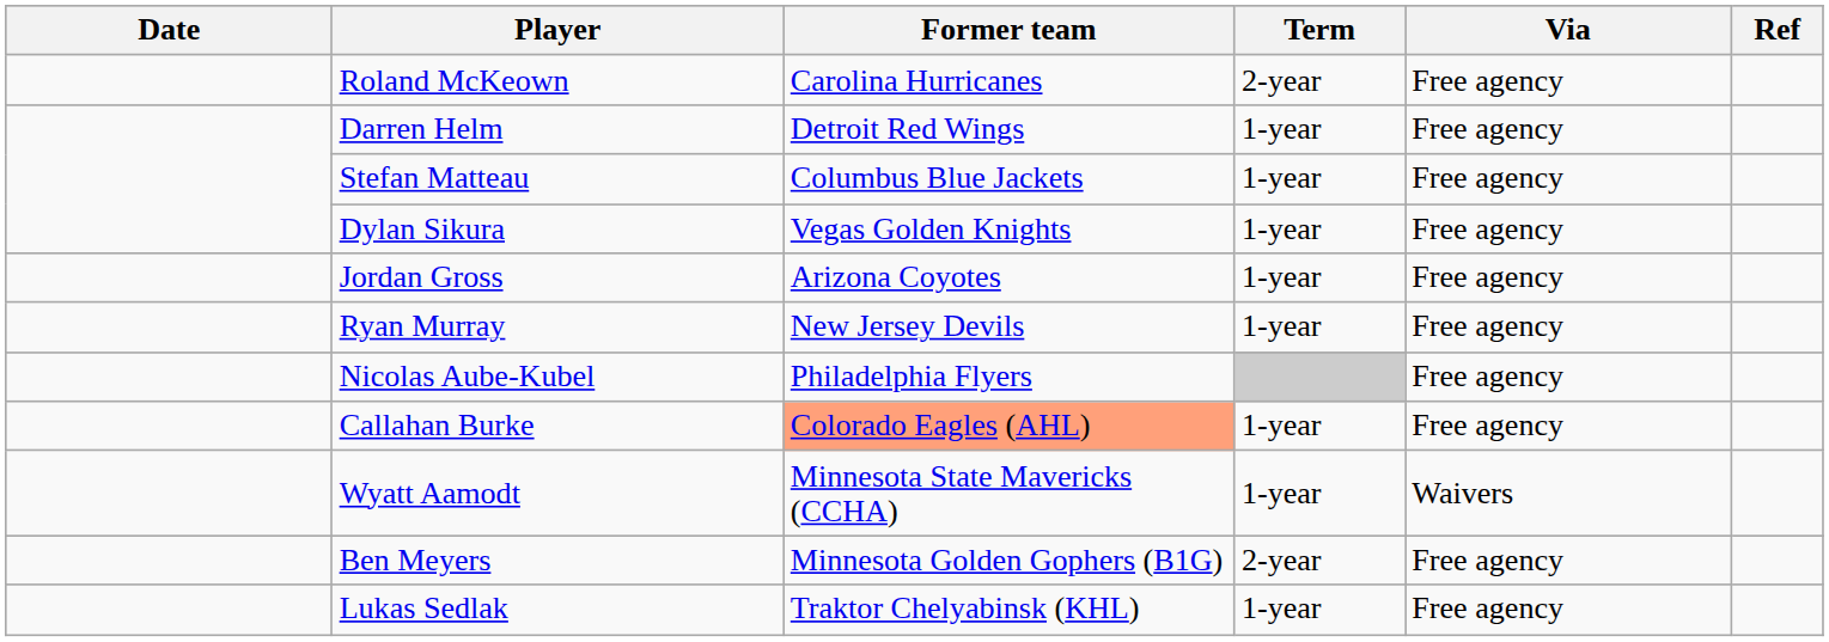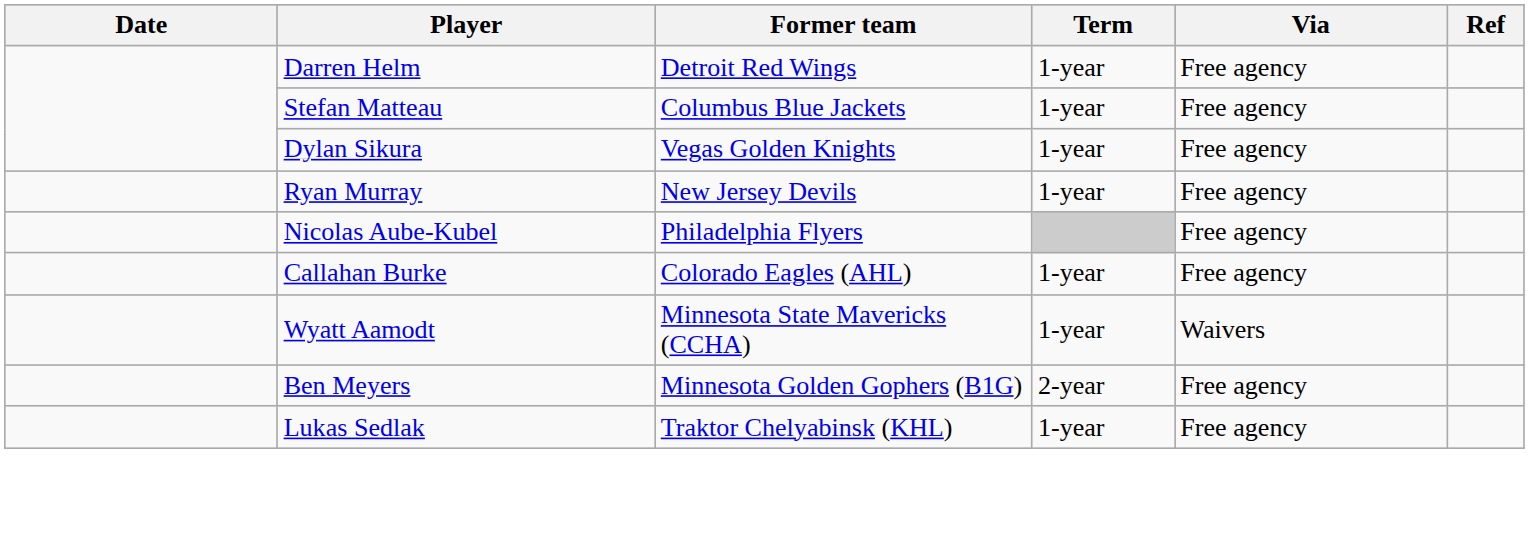 <table class="wikitable">
 <tr style="background:#ddd; text-align:center;">
 <th style="width: 10em;">Date</th>
 <th style="width: 14em;">Player</th>
 <th style="width: 14em;">Former team</th>
 <th style="width: 5em;">Term</th>
 <th style="width: 10em;">Via</th>
 <th style="width: 2.5em;">Ref</th>
-</tr>
-<tr>
-<td></td>
-<td><a href='#'>Roland McKeown</a></td>
-<td><a href='#'>Carolina Hurricanes</a></td>
-<td>2-year</td>
-<td>Free agency</td>
-<td></td>
 </tr>
 <tr>
 <td rowspan=3></td>
 <td><a href='#'>Darren Helm</a></td>
 <td><a href='#'>Detroit Red Wings</a></td>
 <td>1-year</td>
 <td>Free agency</td>
 <td></td>
 </tr>
 <tr>
 <td><a href='#'>Stefan Matteau</a></td>
 <td><a href='#'>Columbus Blue Jackets</a></td>
 <td>1-year</td>
 <td>Free agency</td>
 <td></td>
 </tr>
 <tr>
 <td><a href='#'>Dylan Sikura</a></td>
 <td><a href='#'>Vegas Golden Knights</a></td>
 <td>1-year</td>
 <td>Free agency</td>
 <td></td>
 </tr>
 <tr>
 <td></td>
-<td><a href='#'>Jordan Gross</a></td>
-<td><a href='#'>Arizona Coyotes</a></td>
-<td>1-year</td>
-<td>Free agency</td>
-<td></td>
-</tr>
-<tr>
-<td></td>
 <td><a href='#'>Ryan Murray</a></td>
 <td><a href='#'>New Jersey Devils</a></td>
 <td>1-year</td>
 <td>Free agency</td>
 <td></td>
 </tr>
 <tr>
 <td></td>
 <td><a href='#'>Nicolas Aube-Kubel</a></td>
 <td><a href='#'>Philadelphia Flyers</a></td>
 <td style="background:#ccc"></td>
 <td>Free agency</td>
 <td></td>
 </tr>
 <tr>
 <td></td>
 <td><a href='#'>Callahan Burke</a></td>
-<td style="background: lightsalmon;"><a href='#'>Colorado Eagles</a> (<a href='#'>AHL</a>)</td>
+<td><a href='#'>Colorado Eagles</a> (<a href='#'>AHL</a>)</td>
 <td>1-year</td>
 <td>Free agency</td>
 <td></td>
 </tr>
 <tr>
 <td></td>
 <td><a href='#'>Wyatt Aamodt</a></td>
 <td><a href='#'>Minnesota State Mavericks</a> (<a href='#'>CCHA</a>)</td>
 <td>1-year</td>
 <td>Waivers</td>
 <td></td>
 </tr>
 <tr>
 <td></td>
 <td><a href='#'>Ben Meyers</a></td>
 <td><a href='#'>Minnesota Golden Gophers</a> (<a href='#'>B1G</a>)</td>
 <td>2-year</td>
 <td>Free agency</td>
 <td></td>
 </tr>
 <tr>
 <td></td>
 <td><a href='#'>Lukas Sedlak</a></td>
 <td><a href='#'>Traktor Chelyabinsk</a> (<a href='#'>KHL</a>)</td>
 <td>1-year</td>
 <td>Free agency</td>
 <td></td>
 </tr>
 </table>
